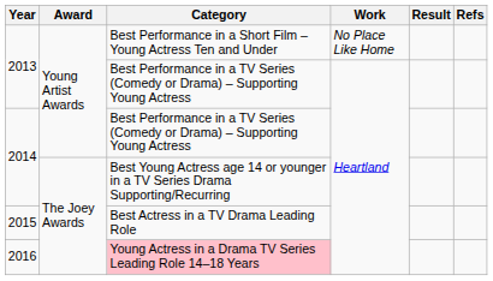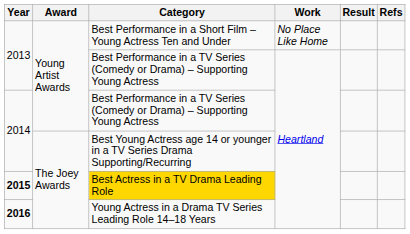 <table class="wikitable">
 <tr>
 <th>Year</th>
 <th>Award</th>
 <th>Category</th>
 <th>Work</th>
 <th>Result</th>
 <th>Refs</th>
 </tr>
 <tr>
 <td rowspan="2">2013</td>
 <td rowspan="3">Young Artist Awards</td>
 <td>Best Performance in a Short Film – Young Actress Ten and Under</td>
 <td><em>No Place Like Home</em></td>
 <td></td>
 <td style="text-align:center;"></td>
 </tr>
 <tr>
 <td>Best Performance in a TV Series (Comedy or Drama) – Supporting Young Actress</td>
 <td rowspan="5"><em><a href='#'>Heartland</a></em></td>
 <td></td>
 <td style="text-align:center;"></td>
 </tr>
 <tr>
 <td rowspan="2">2014</td>
 <td>Best Performance in a TV Series (Comedy or Drama) – Supporting Young Actress</td>
 <td></td>
 <td style="text-align:center;"></td>
 </tr>
 <tr>
 <td rowspan="3">The Joey Awards</td>
 <td>Best Young Actress age 14 or younger in a TV Series Drama Supporting/Recurring</td>
 <td></td>
 <td style="text-align:center;"></td>
 </tr>
 <tr>
-<td>2015</td>
-<td>Best Actress in a TV Drama Leading Role</td>
+<td><strong>2015</strong></td>
+<td style="background: gold;">Best Actress in a TV Drama Leading Role</td>
 <td></td>
 <td style="text-align:center;"></td>
 </tr>
 <tr>
-<td>2016</td>
-<td style="background: pink;">Young Actress in a Drama TV Series Leading Role 14–18 Years</td>
+<td><strong>2016</strong></td>
+<td>Young Actress in a Drama TV Series Leading Role 14–18 Years</td>
 <td></td>
 <td style="text-align:center;"></td>
 </tr>
 </table>
